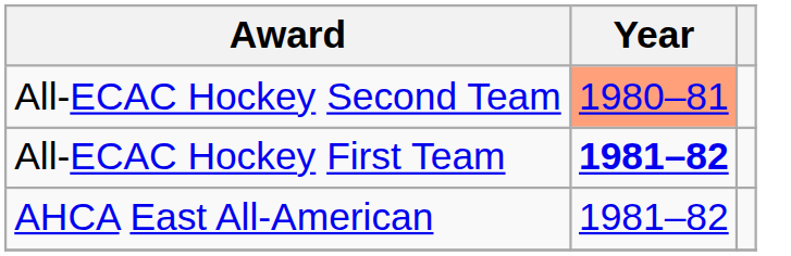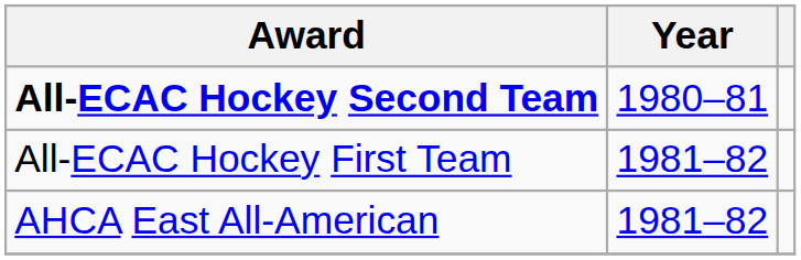 <table class="wikitable">
 <tr>
 <th>Award</th>
 <th>Year</th>
 <th></th>
 </tr>
 <tr>
-<td>All-<a href='#'>ECAC Hockey</a> <a href='#'>Second Team</a></td>
-<td style="background: lightsalmon;"><a href='#'>1980–81</a></td>
+<td><strong>All-<a href='#'>ECAC Hockey</a> <a href='#'>Second Team</a></strong></td>
+<td><a href='#'>1980–81</a></td>
 <td></td>
 </tr>
 <tr>
 <td>All-<a href='#'>ECAC Hockey</a> <a href='#'>First Team</a></td>
-<td><strong><a href='#'>1981–82</a></strong></td>
+<td><a href='#'>1981–82</a></td>
 <td></td>
 </tr>
 <tr>
 <td><a href='#'>AHCA</a> <a href='#'>East All-American</a></td>
 <td><a href='#'>1981–82</a></td>
 <td></td>
 </tr>
 <tr>
 </tr>
 </table>
